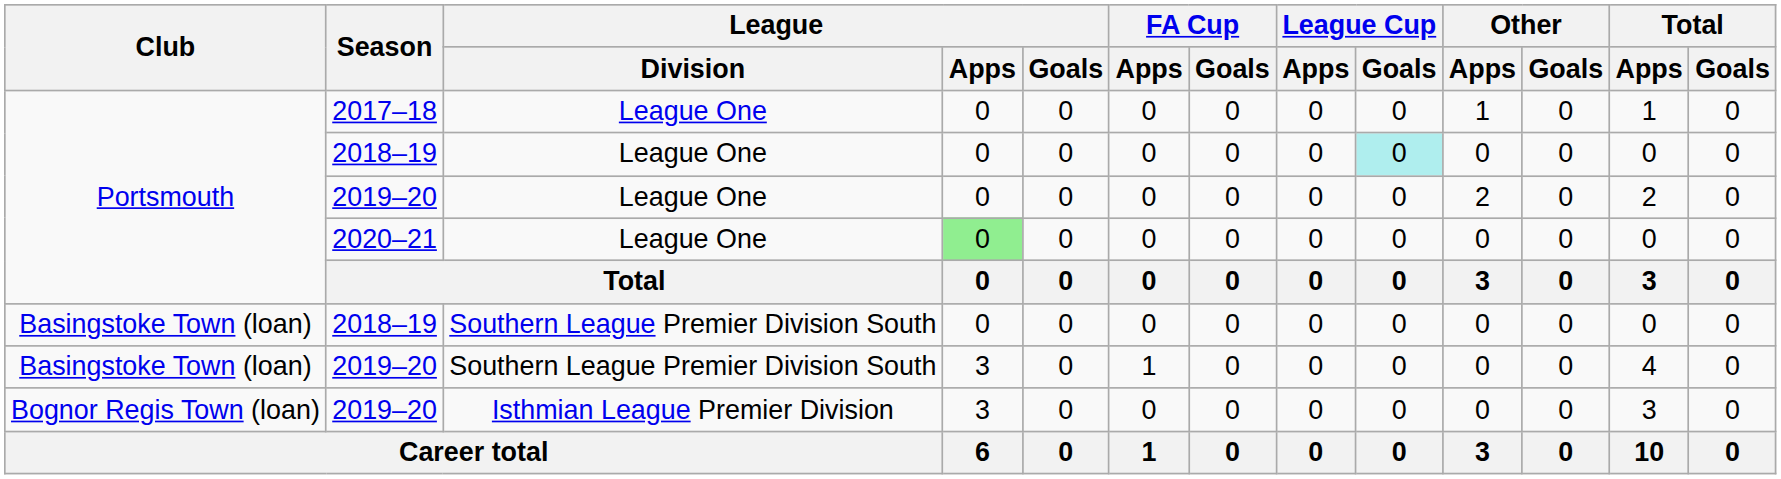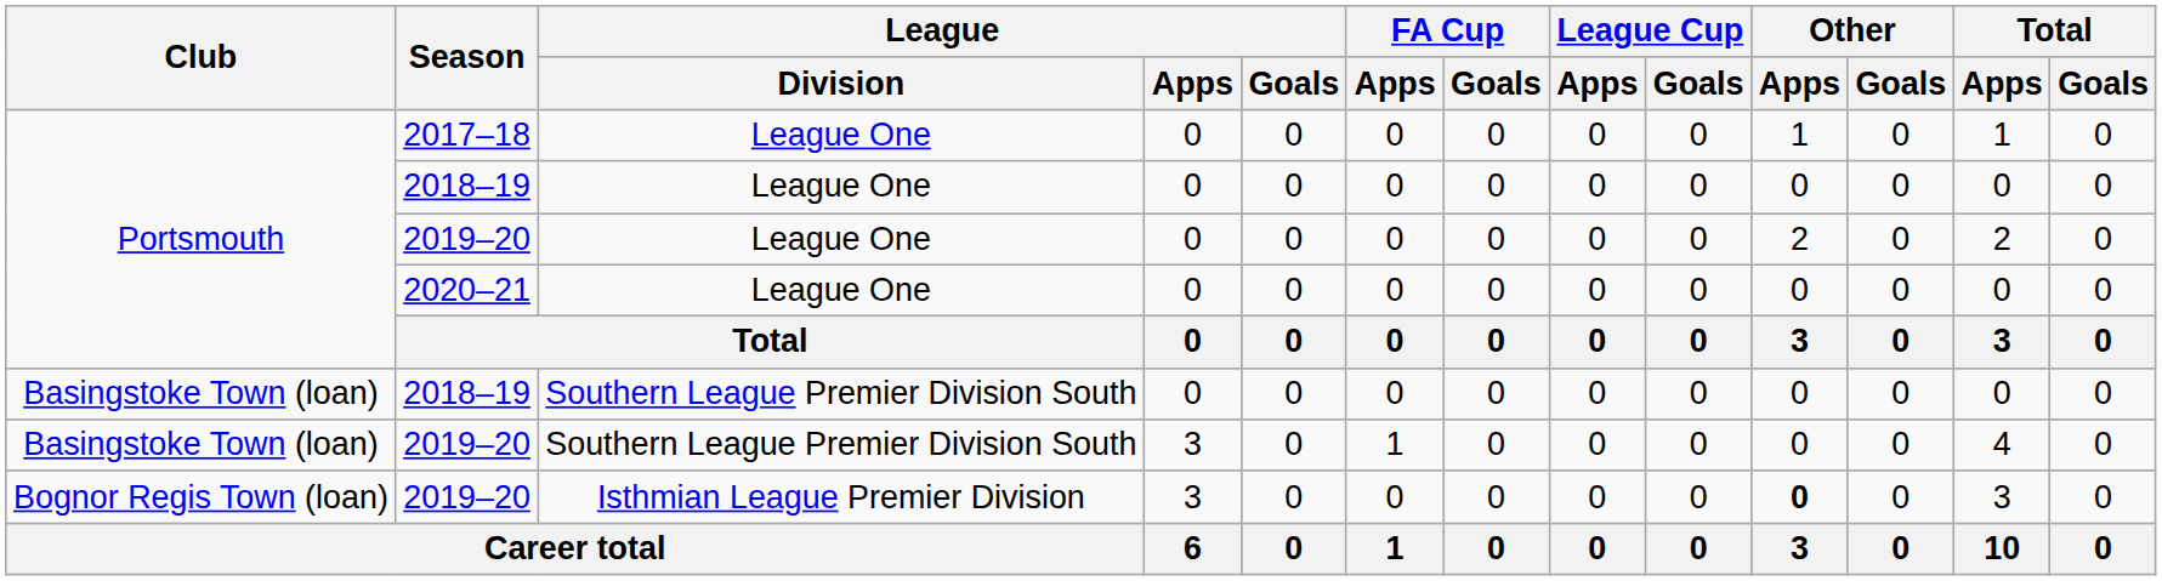 <table class="wikitable" style="text-align: center;">
 <tr>
 <th rowspan="2">Club</th>
 <th rowspan="2">Season</th>
 <th colspan="3">League</th>
 <th colspan="2"><a href='#'>FA Cup</a></th>
 <th colspan="2"><a href='#'>League Cup</a></th>
 <th colspan="2">Other</th>
 <th colspan="2">Total</th>
 </tr>
 <tr>
 <th>Division</th>
 <th>Apps</th>
 <th>Goals</th>
 <th>Apps</th>
 <th>Goals</th>
 <th>Apps</th>
 <th>Goals</th>
 <th>Apps</th>
 <th>Goals</th>
 <th>Apps</th>
 <th>Goals</th>
 </tr>
 <tr>
 <td rowspan="5"><a href='#'>Portsmouth</a></td>
 <td><a href='#'>2017–18</a></td>
 <td><a href='#'>League One</a></td>
 <td>0</td>
 <td>0</td>
 <td>0</td>
 <td>0</td>
 <td>0</td>
 <td>0</td>
 <td>1</td>
 <td>0</td>
 <td>1</td>
 <td>0</td>
 </tr>
 <tr>
 <td><a href='#'>2018–19</a></td>
 <td>League One</td>
 <td>0</td>
 <td>0</td>
 <td>0</td>
 <td>0</td>
 <td>0</td>
-<td style="background: paleturquoise;">0</td>
+<td>0</td>
 <td>0</td>
 <td>0</td>
 <td>0</td>
 <td>0</td>
 </tr>
 <tr>
 <td><a href='#'>2019–20</a></td>
 <td>League One</td>
 <td>0</td>
 <td>0</td>
 <td>0</td>
 <td>0</td>
 <td>0</td>
 <td>0</td>
 <td>2</td>
 <td>0</td>
 <td>2</td>
 <td>0</td>
 </tr>
 <tr>
 <td><a href='#'>2020–21</a></td>
 <td>League One</td>
-<td style="background: lightgreen;">0</td>
+<td>0</td>
 <td>0</td>
 <td>0</td>
 <td>0</td>
 <td>0</td>
 <td>0</td>
 <td>0</td>
 <td>0</td>
 <td>0</td>
 <td>0</td>
 </tr>
 <tr>
 <th colspan="2">Total</th>
 <th>0</th>
 <th>0</th>
 <th>0</th>
 <th>0</th>
 <th>0</th>
 <th>0</th>
 <th>3</th>
 <th>0</th>
 <th>3</th>
 <th>0</th>
 </tr>
 <tr>
 <td><a href='#'>Basingstoke Town</a> (loan)</td>
 <td><a href='#'>2018–19</a></td>
 <td><a href='#'>Southern League</a> Premier Division South</td>
 <td>0</td>
 <td>0</td>
 <td>0</td>
 <td>0</td>
 <td>0</td>
 <td>0</td>
 <td>0</td>
 <td>0</td>
 <td>0</td>
 <td>0</td>
 </tr>
 <tr>
 <td><a href='#'>Basingstoke Town</a> (loan)</td>
 <td><a href='#'>2019–20</a></td>
 <td>Southern League Premier Division South</td>
 <td>3</td>
 <td>0</td>
 <td>1</td>
 <td>0</td>
 <td>0</td>
 <td>0</td>
 <td>0</td>
 <td>0</td>
 <td>4</td>
 <td>0</td>
 </tr>
 <tr>
 <td><a href='#'>Bognor Regis Town</a> (loan)</td>
 <td><a href='#'>2019–20</a></td>
 <td><a href='#'>Isthmian League</a> Premier Division</td>
 <td>3</td>
 <td>0</td>
 <td>0</td>
 <td>0</td>
 <td>0</td>
 <td>0</td>
-<td>0</td>
+<td><strong>0</strong></td>
 <td>0</td>
 <td>3</td>
 <td>0</td>
 </tr>
 <tr>
 <th colspan="3">Career total</th>
 <th>6</th>
 <th>0</th>
 <th>1</th>
 <th>0</th>
 <th>0</th>
 <th>0</th>
 <th>3</th>
 <th>0</th>
 <th>10</th>
 <th>0</th>
 </tr>
 </table>
